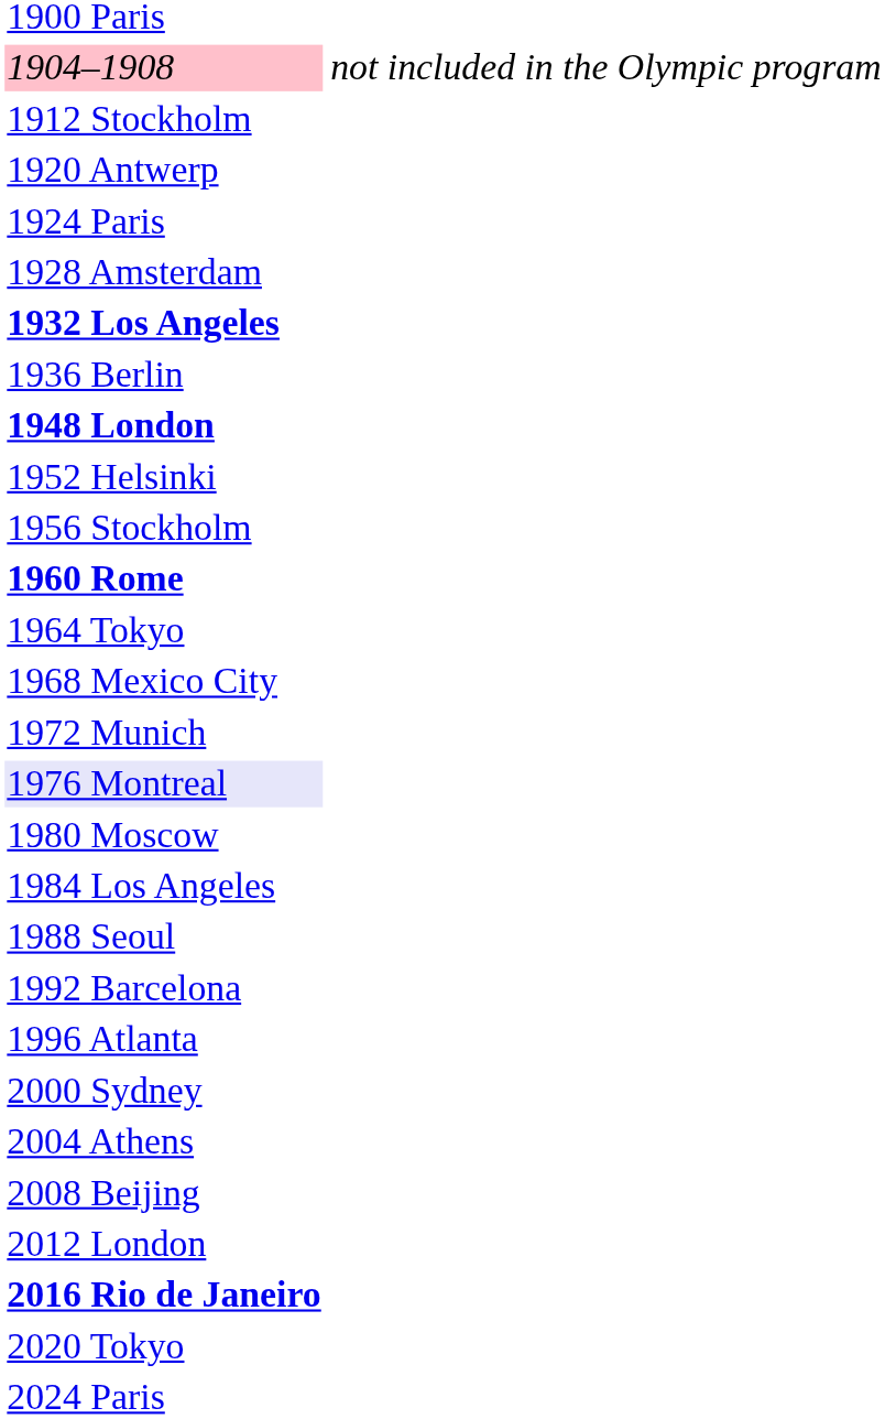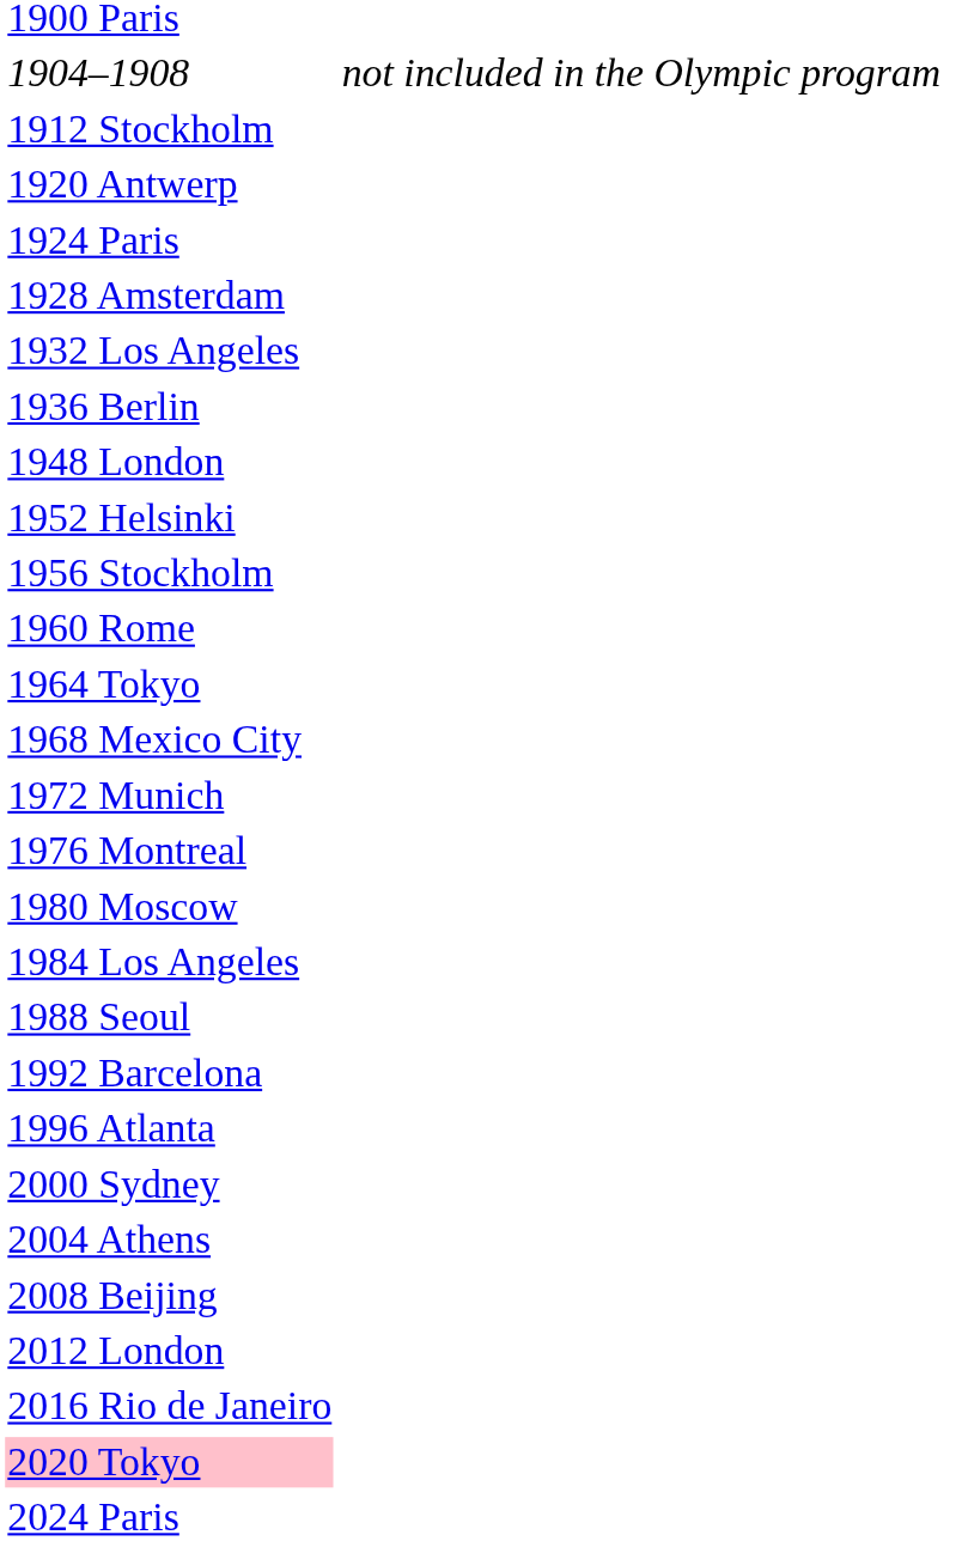 <table>
 <tr valign="top">
 <td><a href='#'>1900 Paris</a><br></td>
 <td></td>
 <td></td>
 <td></td>
 </tr>
 <tr>
-<td style="background: pink;"><em>1904–1908</em></td>
+<td><em>1904–1908</em></td>
 <td colspan="3" style="text-align:center;"><em>not included in the Olympic program</em></td>
 </tr>
 <tr valign="top">
 <td><a href='#'>1912 Stockholm</a><br></td>
 <td></td>
 <td></td>
 <td></td>
 </tr>
 <tr valign="top">
 <td><a href='#'>1920 Antwerp</a><br></td>
 <td></td>
 <td></td>
 <td></td>
 </tr>
 <tr valign="top">
 <td><a href='#'>1924 Paris</a><br></td>
 <td></td>
 <td></td>
 <td></td>
 </tr>
 <tr valign="top">
 <td><a href='#'>1928 Amsterdam</a><br></td>
 <td></td>
 <td></td>
 <td></td>
 </tr>
 <tr valign="top">
-<td><strong><a href='#'>1932 Los Angeles</a><br></strong></td>
+<td><a href='#'>1932 Los Angeles</a><br></td>
 <td></td>
 <td></td>
 <td></td>
 </tr>
 <tr valign="top">
 <td><a href='#'>1936 Berlin</a><br></td>
 <td></td>
 <td></td>
 <td></td>
 </tr>
 <tr valign="top">
-<td><strong><a href='#'>1948 London</a><br></strong></td>
+<td><a href='#'>1948 London</a><br></td>
 <td></td>
 <td></td>
 <td></td>
 </tr>
 <tr valign="top">
 <td><a href='#'>1952 Helsinki</a><br></td>
 <td></td>
 <td></td>
 <td></td>
 </tr>
 <tr valign="top">
 <td><a href='#'>1956 Stockholm</a><br></td>
 <td></td>
 <td></td>
 <td></td>
 </tr>
 <tr valign="top">
-<td><strong><a href='#'>1960 Rome</a><br></strong></td>
+<td><a href='#'>1960 Rome</a><br></td>
 <td></td>
 <td></td>
 <td></td>
 </tr>
 <tr valign="top">
 <td><a href='#'>1964 Tokyo</a><br></td>
 <td></td>
 <td></td>
 <td></td>
 </tr>
 <tr valign="top">
 <td><a href='#'>1968 Mexico City</a><br></td>
 <td></td>
 <td></td>
 <td></td>
 </tr>
 <tr valign="top">
 <td><a href='#'>1972 Munich</a><br></td>
 <td></td>
 <td></td>
 <td></td>
 </tr>
 <tr valign="top">
-<td style="background: lavender;"><a href='#'>1976 Montreal</a><br></td>
+<td><a href='#'>1976 Montreal</a><br></td>
 <td></td>
 <td></td>
 <td></td>
 </tr>
 <tr valign="top">
 <td><a href='#'>1980 Moscow</a><br></td>
 <td></td>
 <td></td>
 <td></td>
 </tr>
 <tr valign="top">
 <td><a href='#'>1984 Los Angeles</a><br></td>
 <td></td>
 <td></td>
 <td></td>
 </tr>
 <tr valign="top">
 <td><a href='#'>1988 Seoul</a><br></td>
 <td></td>
 <td></td>
 <td></td>
 </tr>
 <tr valign="top">
 <td><a href='#'>1992 Barcelona</a><br></td>
 <td></td>
 <td></td>
 <td></td>
 </tr>
 <tr valign="top">
 <td><a href='#'>1996 Atlanta</a><br></td>
 <td></td>
 <td></td>
 <td></td>
 </tr>
 <tr valign="top">
 <td><a href='#'>2000 Sydney</a><br></td>
 <td></td>
 <td></td>
 <td></td>
 </tr>
 <tr valign="top">
 <td><a href='#'>2004 Athens</a><br></td>
 <td></td>
 <td></td>
 <td></td>
 </tr>
 <tr valign="top">
 <td><a href='#'>2008 Beijing</a><br></td>
 <td></td>
 <td></td>
 <td></td>
 </tr>
 <tr valign="top">
 <td><a href='#'>2012 London</a><br></td>
 <td></td>
 <td></td>
 <td></td>
 </tr>
 <tr valign="top">
-<td><strong><a href='#'>2016 Rio de Janeiro</a><br></strong></td>
+<td><a href='#'>2016 Rio de Janeiro</a><br></td>
 <td></td>
 <td></td>
 <td></td>
 </tr>
 <tr valign="top">
-<td><a href='#'>2020 Tokyo</a><br></td>
+<td style="background: pink;"><a href='#'>2020 Tokyo</a><br></td>
 <td></td>
 <td></td>
 <td></td>
 </tr>
 <tr valign="top">
 <td><a href='#'>2024 Paris</a><br></td>
 <td></td>
 <td></td>
 <td></td>
 </tr>
 <tr valign="top">
 </tr>
 <tr>
 </tr>
 </table>
